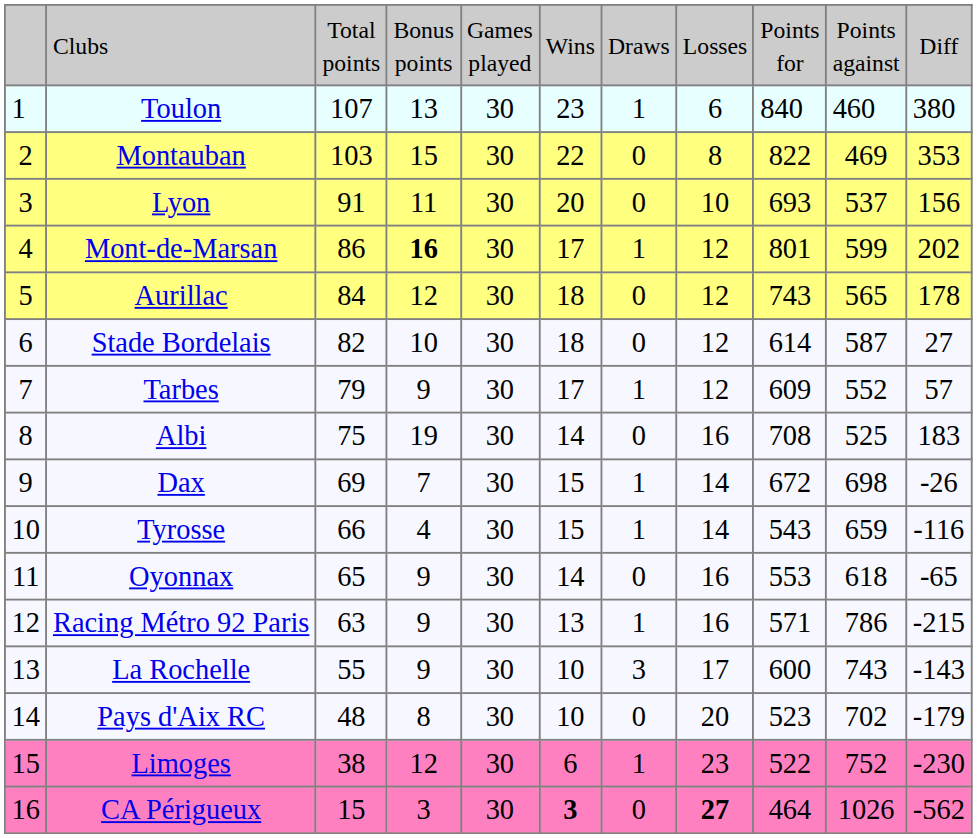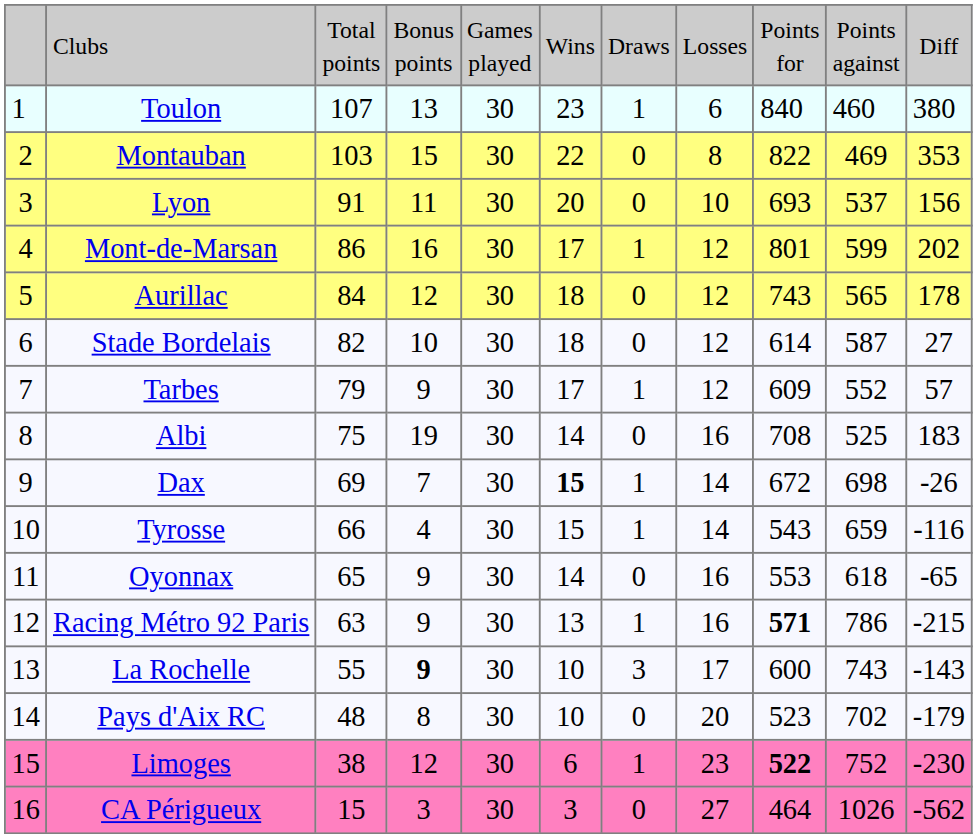 <table bgcolor="#f7f8ff" cellpadding="3" cellspacing="0" border="1" style="font-size: 95%; border: gray solid 1px; border-collapse: collapse;">
 <tr bgcolor="#CCCCCC">
 <td></td>
 <td align="centre"><small>Clubs</small></td>
 <td align="center"><small>Total<br>points</small></td>
 <td align="center"><small>Bonus<br>points</small></td>
 <td align="center"><small>Games<br>played</small></td>
 <td align="center"><small>Wins</small></td>
 <td align="center"><small>Draws</small></td>
 <td align="center"><small>Losses</small></td>
 <td align="center"><small>Points<br>for</small></td>
 <td align="center"><small>Points<br>against</small></td>
 <td align="center"><small>Diff</small></td>
 </tr>
 <tr bgcolor="#e8ffff">
 <td>1</td>
 <td align="center"><a href='#'>Toulon</a></td>
 <td align="center">107</td>
 <td align="center">13</td>
 <td align="center">30</td>
 <td align="center">23</td>
 <td align="center">1</td>
 <td align="center">6</td>
 <td>840</td>
 <td>460</td>
 <td>380</td>
 </tr>
 <tr bgcolor=#FFFF80 align=center>
 <td>2</td>
 <td><a href='#'>Montauban</a></td>
 <td>103</td>
 <td>15</td>
 <td>30</td>
 <td>22</td>
 <td>0</td>
 <td>8</td>
 <td>822</td>
 <td>469</td>
 <td>353</td>
 </tr>
 <tr bgcolor=#FFFF80 align=center>
 <td>3</td>
 <td><a href='#'>Lyon</a></td>
 <td>91</td>
 <td>11</td>
 <td>30</td>
 <td>20</td>
 <td>0</td>
 <td>10</td>
 <td>693</td>
 <td>537</td>
 <td>156</td>
 </tr>
 <tr bgcolor=#FFFF80 align=center>
 <td>4</td>
 <td><a href='#'>Mont-de-Marsan</a></td>
 <td>86</td>
-<td><strong>16</strong></td>
+<td>16</td>
 <td>30</td>
 <td>17</td>
 <td>1</td>
 <td>12</td>
 <td>801</td>
 <td>599</td>
 <td>202</td>
 </tr>
 <tr bgcolor=#FFFF80 align=center>
 <td>5</td>
 <td><a href='#'>Aurillac</a></td>
 <td>84</td>
 <td>12</td>
 <td>30</td>
 <td>18</td>
 <td>0</td>
 <td>12</td>
 <td>743</td>
 <td>565</td>
 <td>178</td>
 </tr>
 <tr align=center>
 <td>6</td>
 <td><a href='#'>Stade Bordelais</a></td>
 <td>82</td>
 <td>10</td>
 <td>30</td>
 <td>18</td>
 <td>0</td>
 <td>12</td>
 <td>614</td>
 <td>587</td>
 <td>27</td>
 </tr>
 <tr align=center>
 <td>7</td>
 <td><a href='#'>Tarbes</a></td>
 <td>79</td>
 <td>9</td>
 <td>30</td>
 <td>17</td>
 <td>1</td>
 <td>12</td>
 <td>609</td>
 <td>552</td>
 <td>57</td>
 </tr>
 <tr align=center>
 <td>8</td>
 <td><a href='#'>Albi</a></td>
 <td>75</td>
 <td>19</td>
 <td>30</td>
 <td>14</td>
 <td>0</td>
 <td>16</td>
 <td>708</td>
 <td>525</td>
 <td>183</td>
 </tr>
 <tr align=center>
 <td>9</td>
 <td><a href='#'>Dax</a></td>
 <td>69</td>
 <td>7</td>
 <td>30</td>
-<td>15</td>
+<td><strong>15</strong></td>
 <td>1</td>
 <td>14</td>
 <td>672</td>
 <td>698</td>
 <td>-26</td>
 </tr>
 <tr align=center>
 <td>10</td>
 <td><a href='#'>Tyrosse</a></td>
 <td>66</td>
 <td>4</td>
 <td>30</td>
 <td>15</td>
 <td>1</td>
 <td>14</td>
 <td>543</td>
 <td>659</td>
 <td>-116</td>
 </tr>
 <tr align=center>
 <td>11</td>
 <td><a href='#'>Oyonnax</a></td>
 <td>65</td>
 <td>9</td>
 <td>30</td>
 <td>14</td>
 <td>0</td>
 <td>16</td>
 <td>553</td>
 <td>618</td>
 <td>-65</td>
 </tr>
 <tr align=center>
 <td>12</td>
 <td><a href='#'>Racing Métro 92 Paris</a></td>
 <td>63</td>
 <td>9</td>
 <td>30</td>
 <td>13</td>
 <td>1</td>
 <td>16</td>
-<td>571</td>
+<td><strong>571</strong></td>
 <td>786</td>
 <td>-215</td>
 </tr>
 <tr align=center>
 <td>13</td>
 <td><a href='#'>La Rochelle</a></td>
 <td>55</td>
-<td>9</td>
+<td><strong>9</strong></td>
 <td>30</td>
 <td>10</td>
 <td>3</td>
 <td>17</td>
 <td>600</td>
 <td>743</td>
 <td>-143</td>
 </tr>
 <tr align=center>
 <td>14</td>
 <td><a href='#'>Pays d'Aix RC</a></td>
 <td>48</td>
 <td>8</td>
 <td>30</td>
 <td>10</td>
 <td>0</td>
 <td>20</td>
 <td>523</td>
 <td>702</td>
 <td>-179</td>
 </tr>
 <tr bgcolor=#FF80C0 align=center>
 <td>15</td>
 <td><a href='#'>Limoges</a></td>
 <td>38</td>
 <td>12</td>
 <td>30</td>
 <td>6</td>
 <td>1</td>
 <td>23</td>
-<td>522</td>
+<td><strong>522</strong></td>
 <td>752</td>
 <td>-230</td>
 </tr>
 <tr bgcolor=#FF80C0 align=center>
 <td>16</td>
 <td><a href='#'>CA Périgueux</a></td>
 <td>15</td>
 <td>3</td>
 <td>30</td>
-<td><strong>3</strong></td>
+<td>3</td>
 <td>0</td>
-<td><strong>27</strong></td>
+<td>27</td>
 <td>464</td>
 <td>1026</td>
 <td>-562</td>
 </tr>
 </table>
